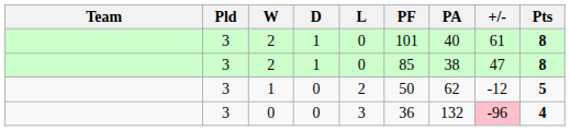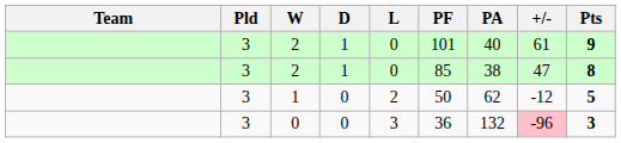 <table class="wikitable" style="text-align: center;">
 <tr>
 <th width="200">Team</th>
 <th width="40">Pld</th>
 <th width="40">W</th>
 <th width="40">D</th>
 <th width="40">L</th>
 <th width="40">PF</th>
 <th width="40">PA</th>
 <th width="40">+/-</th>
 <th width="40">Pts</th>
 </tr>
 <tr style="background:#ccffcc;">
 <td style="text-align:left;"></td>
 <td>3</td>
 <td>2</td>
 <td>1</td>
 <td>0</td>
 <td>101</td>
 <td>40</td>
 <td>61</td>
-<td><strong>8</strong></td>
+<td><strong>9</strong></td>
 </tr>
 <tr style="background:#ccffcc;">
 <td style="text-align:left;"></td>
 <td>3</td>
 <td>2</td>
 <td>1</td>
 <td>0</td>
 <td>85</td>
 <td>38</td>
 <td>47</td>
 <td><strong>8</strong></td>
 </tr>
 <tr>
 <td style="text-align:left;"></td>
 <td>3</td>
 <td>1</td>
 <td>0</td>
 <td>2</td>
 <td>50</td>
 <td>62</td>
 <td>-12</td>
 <td><strong>5</strong></td>
 </tr>
 <tr>
 <td style="text-align:left;"></td>
 <td>3</td>
 <td>0</td>
 <td>0</td>
 <td>3</td>
 <td>36</td>
 <td>132</td>
 <td style="background: pink;">-96</td>
-<td><strong>4</strong></td>
+<td><strong>3</strong></td>
 </tr>
 </table>
